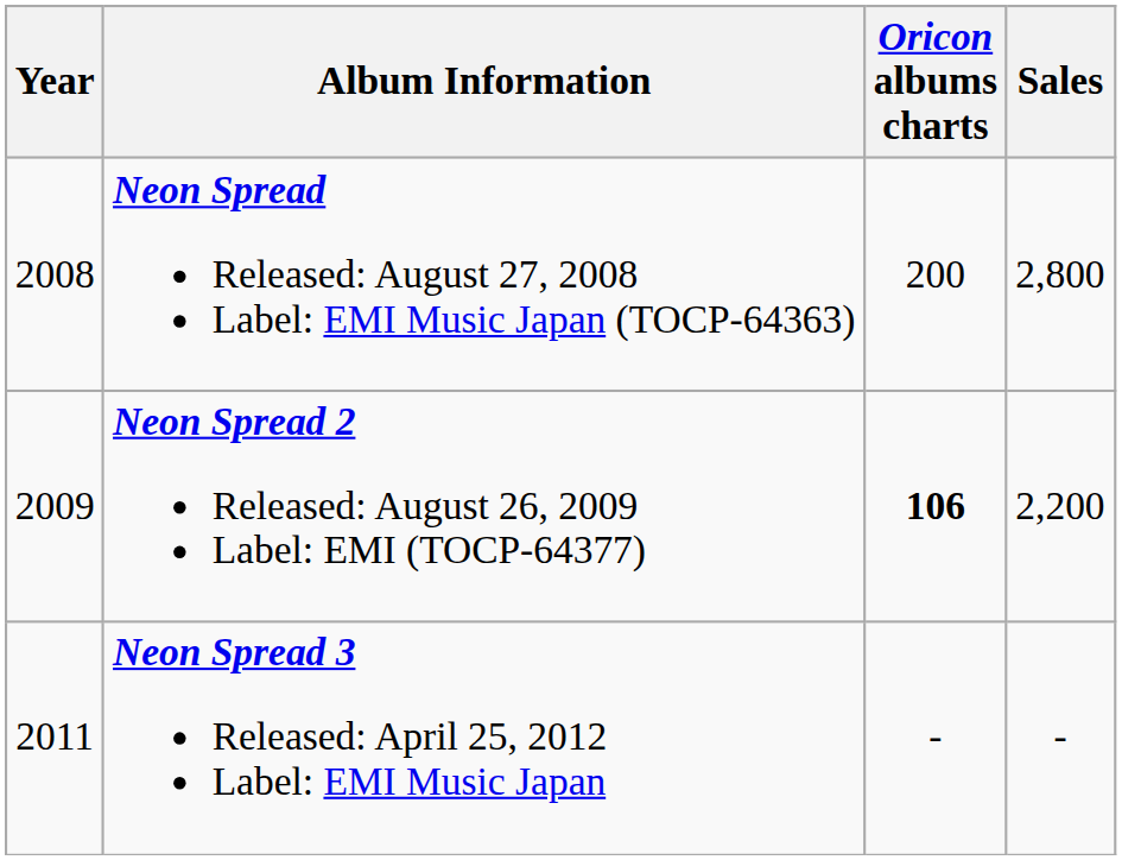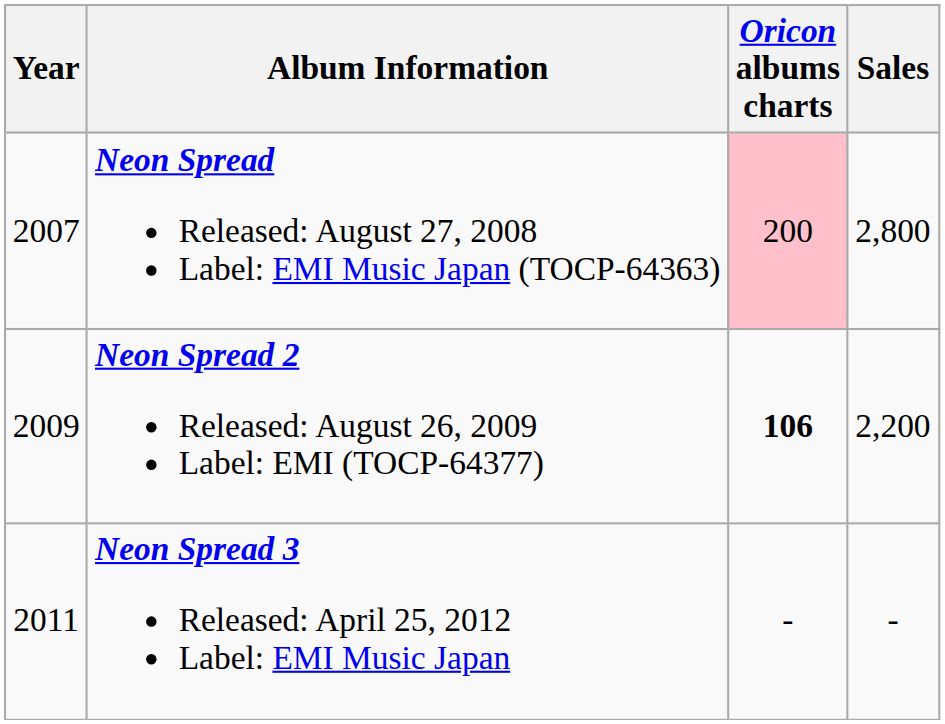 <table class="wikitable">
 <tr>
 <th rowspan="1">Year</th>
 <th rowspan="1">Album Information</th>
 <th colspan="1"><em><a href='#'>Oricon</a></em><br>albums<br>charts<br></th>
 <th colspan="1">Sales<br></th>
 </tr>
 <tr>
-<td align="center">2008</td>
+<td align="center">2007</td>
 <td><strong><em><a href='#'>Neon Spread</a></em></strong><br><ul><li>Released: August 27, 2008</li><li>Label: <a href='#'>EMI Music Japan</a> (TOCP-64363)</li></ul></td>
-<td align="center">200</td>
+<td align="center" style="background: pink;">200</td>
 <td align="center">2,800</td>
 </tr>
 <tr>
 <td align="center">2009</td>
 <td><strong><em><a href='#'>Neon Spread 2</a></em></strong><br><ul><li>Released: August 26, 2009</li><li>Label: EMI (TOCP-64377)</li></ul></td>
 <td align="center"><strong>106</strong></td>
 <td align="center">2,200</td>
 </tr>
 <tr>
 <td align="center">2011</td>
 <td><strong><em><a href='#'>Neon Spread 3</a></em></strong><br><ul><li>Released: April 25, 2012</li><li>Label: <a href='#'>EMI Music Japan</a></li></ul></td>
 <td align="center">-</td>
 <td align="center">-</td>
 </tr>
 </table>
